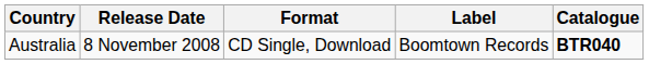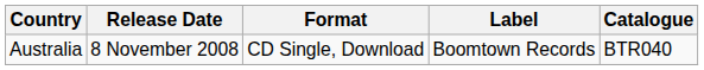 <table class="wikitable" border="1">
 <tr>
 <th>Country</th>
 <th>Release Date</th>
 <th>Format</th>
 <th>Label</th>
 <th>Catalogue</th>
 </tr>
 <tr>
 <td>Australia</td>
 <td>8 November 2008</td>
 <td>CD Single, Download</td>
 <td>Boomtown Records</td>
-<td><strong>BTR040</strong></td>
+<td>BTR040</td>
 </tr>
 <tr>
 </tr>
 </table>
